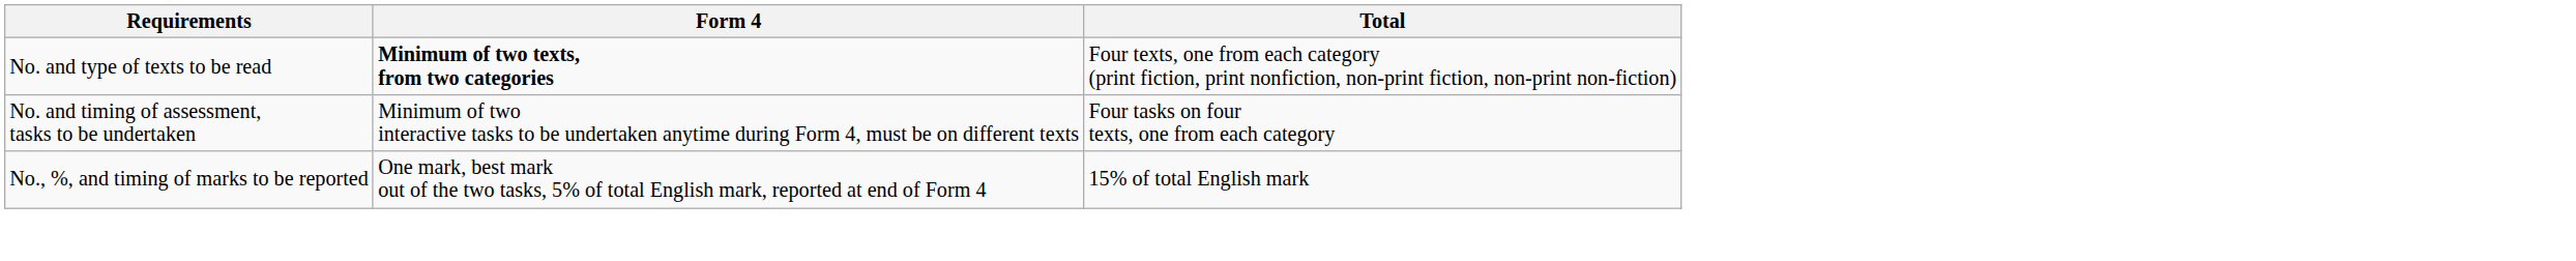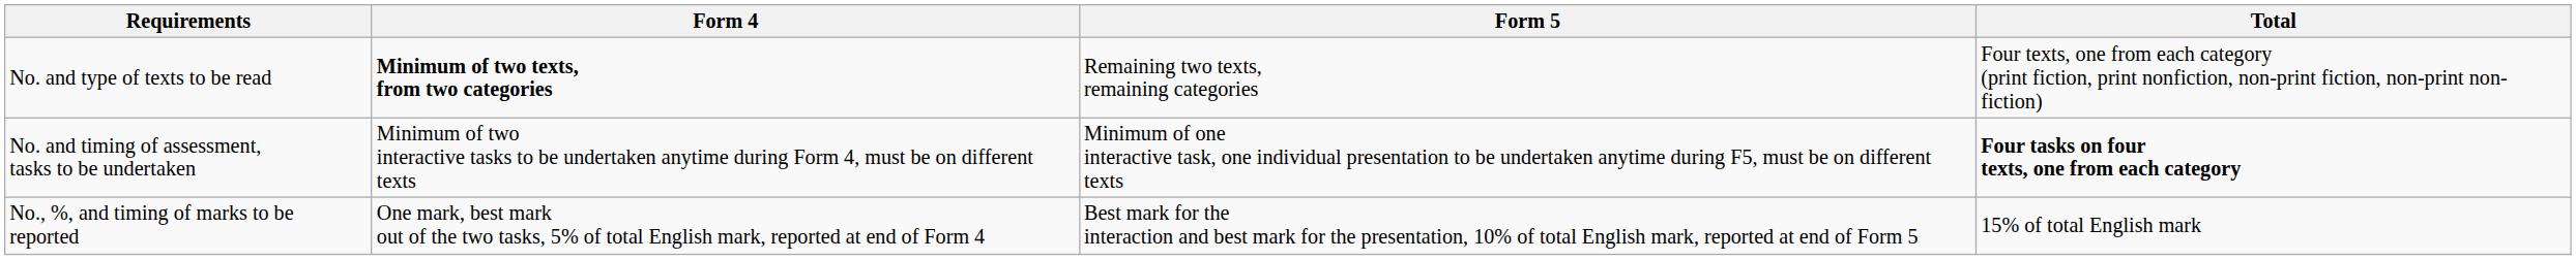 <table class="wikitable">
 <tr>
 <th>Requirements</th>
 <th>Form 4</th>
+<th>Form 5</th>
 <th><strong>Total</strong></th>
 </tr>
 <tr>
 <td>No. and type of texts to be read</td>
 <td><strong>Minimum of two texts,<br>from two categories</strong></td>
+<td>Remaining two texts,<br>remaining categories</td>
 <td>Four texts, one from each category<br>(print fiction, print nonfiction, non-print fiction, non-print non-fiction)</td>
 </tr>
 <tr>
 <td>No. and timing of assessment,<br>tasks to be undertaken</td>
 <td>Minimum of two<br>interactive tasks to be undertaken anytime during Form 4, must be on different texts</td>
-<td>Four tasks on four<br>texts, one from each category</td>
+<td>Minimum of one<br>interactive task, one individual presentation to be undertaken anytime during F5, must be on different texts</td>
+<td><strong>Four tasks on four<br>texts, one from each category</strong></td>
 </tr>
 <tr>
 <td>No., %, and timing of marks to be reported</td>
 <td>One mark, best mark<br>out of the two tasks, 5% of total English mark, reported at end of Form 4</td>
+<td>Best mark for the<br>interaction and best mark for the presentation, 10% of total English mark, reported at end of Form 5</td>
 <td>15% of total English mark</td>
 </tr>
 </table>
